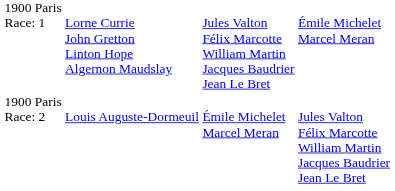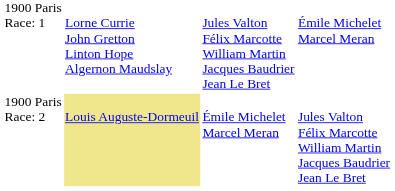 <table>
 <tr valign="top">
 <td style="align:center;">1900 Paris <br>Race: 1<br></td>
 <td style="vertical-align:top;"><br><a href='#'>Lorne Currie</a><br><a href='#'>John Gretton</a><br><a href='#'>Linton Hope</a><br><a href='#'>Algernon Maudslay</a></td>
 <td style="vertical-align:top;"><br><a href='#'>Jules Valton</a><br><a href='#'>Félix Marcotte</a><br><a href='#'>William Martin</a><br><a href='#'>Jacques Baudrier</a><br><a href='#'>Jean Le Bret</a></td>
 <td style="vertical-align:top;"><br><a href='#'>Émile Michelet</a><br><a href='#'>Marcel Meran</a></td>
 </tr>
 <tr valign="top">
 <td style="align:center;">1900 Paris <br>Race: 2<br></td>
-<td style="vertical-align:top;"><br><a href='#'>Louis Auguste-Dormeuil</a></td>
+<td style="background: khaki; vertical-align:top;"><br><a href='#'>Louis Auguste-Dormeuil</a></td>
 <td style="vertical-align:top;"><br><a href='#'>Émile Michelet</a><br><a href='#'>Marcel Meran</a></td>
 <td style="vertical-align:top;"><br><a href='#'>Jules Valton</a><br><a href='#'>Félix Marcotte</a><br><a href='#'>William Martin</a><br><a href='#'>Jacques Baudrier</a><br><a href='#'>Jean Le Bret</a></td>
 </tr>
 </table>
